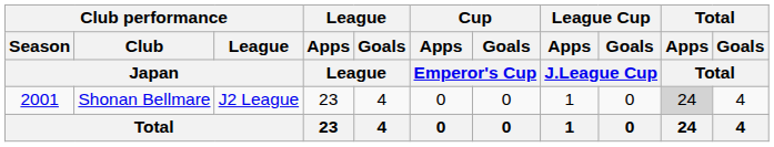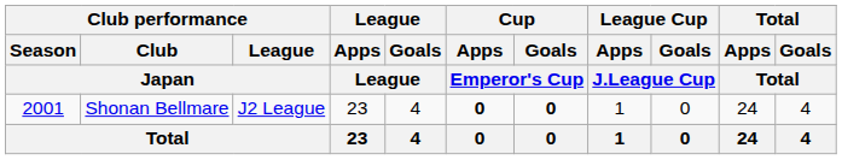 <table class="wikitable" style="text-align:center;">
 <tr>
 <th colspan=3>Club performance</th>
 <th colspan=2>League</th>
 <th colspan=2>Cup</th>
 <th colspan=2>League Cup</th>
 <th colspan=2>Total</th>
 </tr>
 <tr>
 <th>Season</th>
 <th>Club</th>
 <th>League</th>
 <th>Apps</th>
 <th>Goals</th>
 <th>Apps</th>
 <th>Goals</th>
 <th>Apps</th>
 <th>Goals</th>
 <th>Apps</th>
 <th>Goals</th>
 </tr>
 <tr>
 <th colspan=3>Japan</th>
 <th colspan=2>League</th>
 <th colspan=2><a href='#'>Emperor's Cup</a></th>
 <th colspan=2><a href='#'>J.League Cup</a></th>
 <th colspan=2>Total</th>
 </tr>
 <tr>
 <td><a href='#'>2001</a></td>
 <td><a href='#'>Shonan Bellmare</a></td>
 <td><a href='#'>J2 League</a></td>
 <td>23</td>
 <td>4</td>
-<td>0</td>
-<td>0</td>
+<td><strong>0</strong></td>
+<td><strong>0</strong></td>
 <td>1</td>
 <td>0</td>
-<td style="background: lightgrey;">24</td>
+<td>24</td>
 <td>4</td>
 </tr>
 <tr>
 <th colspan=3>Total</th>
 <th>23</th>
 <th>4</th>
 <th>0</th>
 <th>0</th>
 <th>1</th>
 <th>0</th>
 <th>24</th>
 <th>4</th>
 </tr>
 </table>
